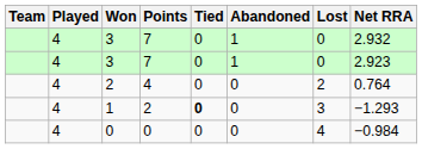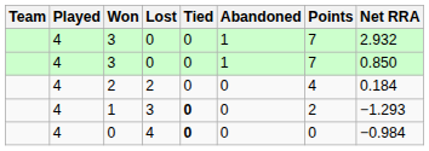 <table class="wikitable">
 <tr>
 <th>Team</th>
 <th>Played</th>
 <th>Won</th>
-<th>Points</th>
+<th>Lost</th>
 <th>Tied</th>
 <th>Abandoned</th>
-<th>Lost</th>
+<th>Points</th>
 <th>Net RRA</th>
 </tr>
 <tr style="background:#cfc;">
 <td></td>
 <td>4</td>
 <td>3</td>
-<td>7</td>
+<td>0</td>
 <td>0</td>
 <td>1</td>
-<td>0</td>
+<td>7</td>
 <td>2.932</td>
 </tr>
 <tr style="background:#cfc;">
 <td></td>
 <td>4</td>
 <td>3</td>
-<td>7</td>
+<td>0</td>
 <td>0</td>
 <td>1</td>
-<td>0</td>
-<td>2.923</td>
+<td>7</td>
+<td>0.850</td>
 </tr>
 <tr>
 <td></td>
 <td>4</td>
 <td>2</td>
-<td>4</td>
+<td>2</td>
 <td>0</td>
 <td>0</td>
-<td>2</td>
-<td>0.764</td>
+<td>4</td>
+<td>0.184</td>
 </tr>
 <tr>
 <td></td>
 <td>4</td>
 <td>1</td>
-<td>2</td>
+<td>3</td>
 <td><strong>0</strong></td>
 <td>0</td>
-<td>3</td>
+<td>2</td>
 <td>−1.293</td>
 </tr>
 <tr>
 <td></td>
 <td>4</td>
 <td>0</td>
+<td>4</td>
+<td><strong>0</strong></td>
 <td>0</td>
 <td>0</td>
-<td>0</td>
-<td>4</td>
 <td>−0.984</td>
 </tr>
 </table>
